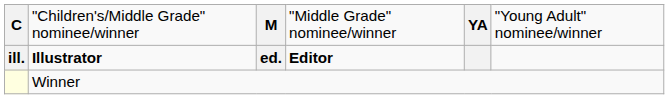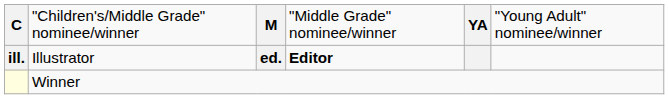 <table class="wikitable" width="55%">
 <tr>
 <th>C</th>
 <td>"Children's/Middle Grade" nominee/winner</td>
 <th>M</th>
 <td>"Middle Grade" nominee/winner</td>
 <th>YA</th>
 <td>"Young Adult" nominee/winner</td>
 </tr>
 <tr>
 <th>ill.</th>
-<td><strong>Illustrator</strong></td>
+<td>Illustrator</td>
 <th>ed.</th>
 <td><strong>Editor</strong></td>
 <th></th>
 <td></td>
 </tr>
 <tr>
 <td style="background:lightyellow"></td>
 <td colspan="5">Winner</td>
 </tr>
 </table>
